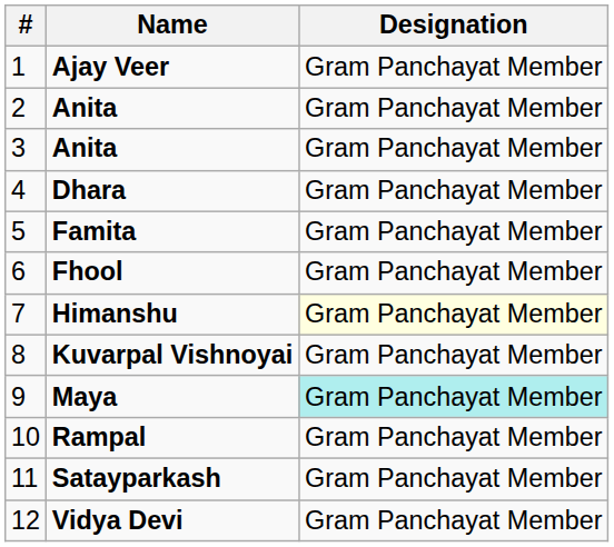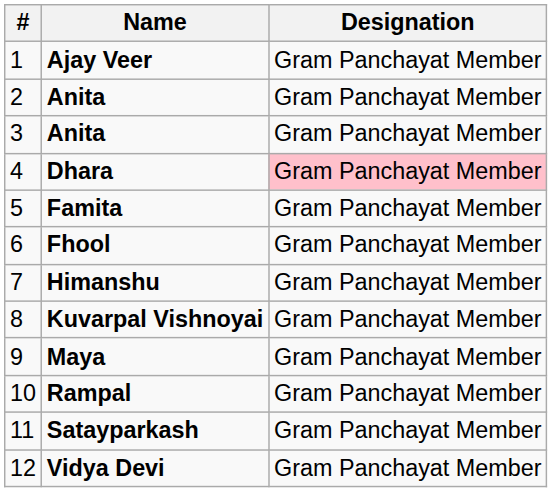 <table class="wikitable">
 <tr>
 <th>#</th>
 <th>Name</th>
 <th>Designation</th>
 </tr>
 <tr>
 <td>1</td>
 <td><strong>Ajay Veer</strong></td>
 <td>Gram Panchayat Member</td>
 </tr>
 <tr>
 <td>2</td>
 <td><strong>Anita</strong></td>
 <td>Gram Panchayat Member</td>
 </tr>
 <tr>
 <td>3</td>
 <td><strong>Anita</strong></td>
 <td>Gram Panchayat Member</td>
 </tr>
 <tr>
 <td>4</td>
 <td><strong>Dhara</strong></td>
-<td>Gram Panchayat Member</td>
+<td style="background: pink;">Gram Panchayat Member</td>
 </tr>
 <tr>
 <td>5</td>
 <td><strong>Famita</strong></td>
 <td>Gram Panchayat Member</td>
 </tr>
 <tr>
 <td>6</td>
 <td><strong>Fhool</strong></td>
 <td>Gram Panchayat Member</td>
 </tr>
 <tr>
 <td>7</td>
 <td><strong>Himanshu</strong></td>
-<td style="background: lightyellow;">Gram Panchayat Member</td>
+<td>Gram Panchayat Member</td>
 </tr>
 <tr>
 <td>8</td>
 <td><strong>Kuvarpal Vishnoyai</strong></td>
 <td>Gram Panchayat Member</td>
 </tr>
 <tr>
 <td>9</td>
 <td><strong>Maya</strong></td>
-<td style="background: paleturquoise;">Gram Panchayat Member</td>
+<td>Gram Panchayat Member</td>
 </tr>
 <tr>
 <td>10</td>
 <td><strong>Rampal</strong></td>
 <td>Gram Panchayat Member</td>
 </tr>
 <tr>
 <td>11</td>
 <td><strong>Satayparkash</strong></td>
 <td>Gram Panchayat Member</td>
 </tr>
 <tr>
 <td>12</td>
 <td><strong>Vidya Devi</strong></td>
 <td>Gram Panchayat Member</td>
 </tr>
 </table>
